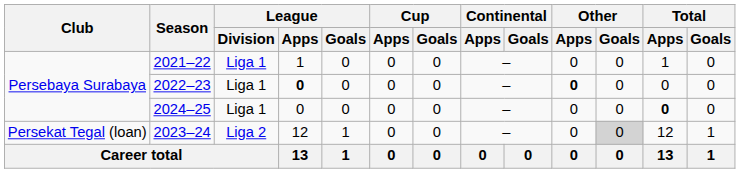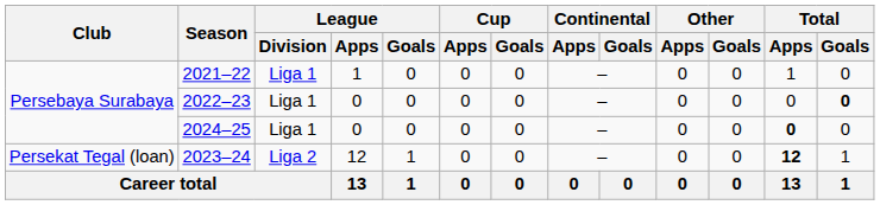 <table class="wikitable" style="text-align: center">
 <tr>
 <th rowspan="2">Club</th>
 <th rowspan="2">Season</th>
 <th colspan="3">League</th>
 <th colspan="2">Cup</th>
 <th colspan="2">Continental</th>
 <th colspan="2">Other</th>
 <th colspan="2">Total</th>
 </tr>
 <tr>
 <th>Division</th>
 <th>Apps</th>
 <th>Goals</th>
 <th>Apps</th>
 <th>Goals</th>
 <th>Apps</th>
 <th>Goals</th>
 <th>Apps</th>
 <th>Goals</th>
 <th>Apps</th>
 <th>Goals</th>
 </tr>
 <tr>
 <td rowspan="3"><a href='#'>Persebaya Surabaya</a></td>
 <td><a href='#'>2021–22</a></td>
 <td rowspan="1" valign="center"><a href='#'>Liga 1</a></td>
 <td>1</td>
 <td>0</td>
 <td>0</td>
 <td>0</td>
 <td colspan="2">–</td>
 <td>0</td>
 <td>0</td>
 <td>1</td>
 <td>0</td>
 </tr>
 <tr>
 <td><a href='#'>2022–23</a></td>
 <td>Liga 1</td>
-<td><strong>0</strong></td>
+<td>0</td>
 <td>0</td>
 <td>0</td>
 <td>0</td>
 <td colspan="2">–</td>
-<td><strong>0</strong></td>
 <td>0</td>
 <td>0</td>
 <td>0</td>
+<td><strong>0</strong></td>
 </tr>
 <tr>
 <td><a href='#'>2024–25</a></td>
 <td>Liga 1</td>
 <td>0</td>
 <td>0</td>
 <td>0</td>
 <td>0</td>
 <td colspan="2">–</td>
 <td>0</td>
 <td>0</td>
 <td><strong>0</strong></td>
 <td>0</td>
 </tr>
 <tr>
 <td rowspan="1"><a href='#'>Persekat Tegal</a> (loan)</td>
 <td><a href='#'>2023–24</a></td>
 <td rowspan="1" valign="center"><a href='#'>Liga 2</a></td>
 <td>12</td>
 <td>1</td>
 <td>0</td>
 <td>0</td>
 <td colspan="2">–</td>
 <td>0</td>
-<td style="background: lightgrey;">0</td>
-<td>12</td>
+<td>0</td>
+<td><strong>12</strong></td>
 <td>1</td>
 </tr>
 <tr>
 <th colspan=3>Career total</th>
 <th>13</th>
 <th>1</th>
 <th>0</th>
 <th>0</th>
 <th>0</th>
 <th>0</th>
 <th>0</th>
 <th>0</th>
 <th>13</th>
 <th>1</th>
 </tr>
 </table>
